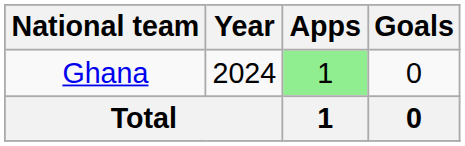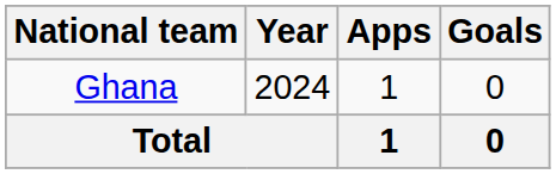 <table class="wikitable" style="text-align:center">
 <tr>
 <th>National team</th>
 <th>Year</th>
 <th>Apps</th>
 <th>Goals</th>
 </tr>
 <tr>
 <td rowspan="1"><a href='#'>Ghana</a></td>
 <td>2024</td>
-<td style="background: lightgreen;">1</td>
+<td>1</td>
 <td>0</td>
 </tr>
 <tr>
 <th colspan="2">Total</th>
 <th>1</th>
 <th>0</th>
 </tr>
 </table>
